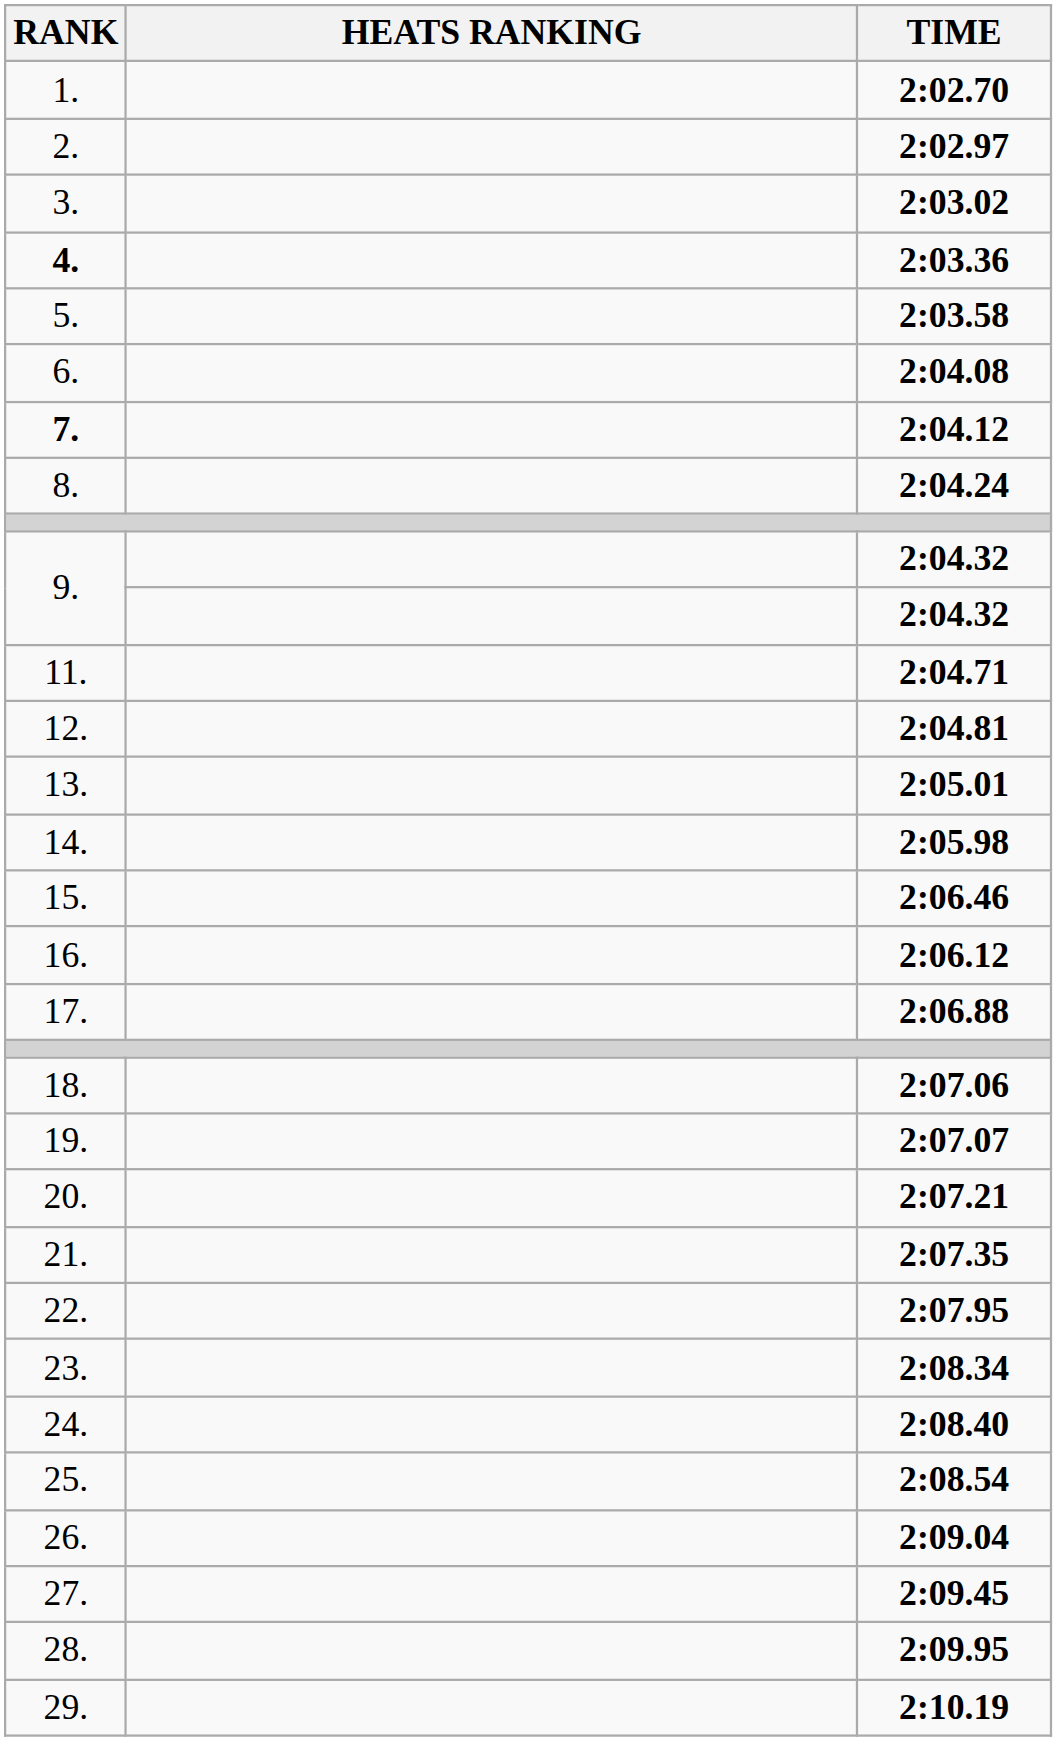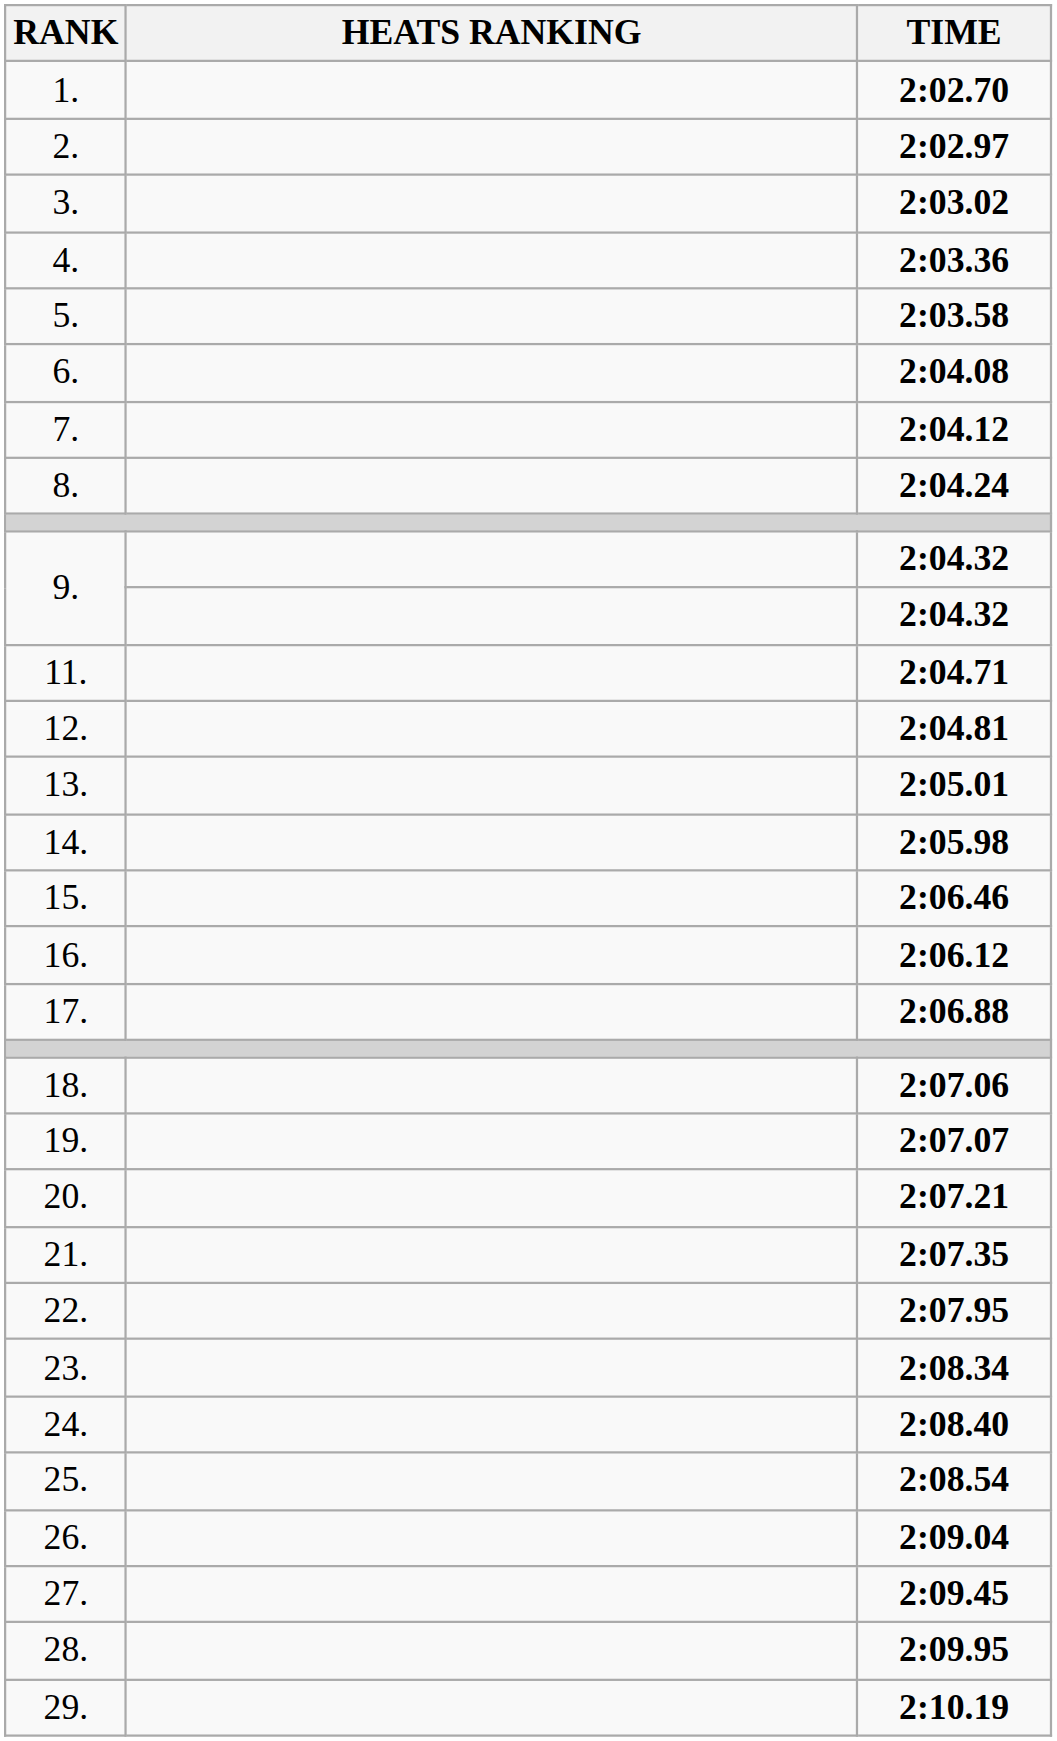 <table class="wikitable">
 <tr>
 <th>RANK</th>
 <th style="width: 20em">HEATS RANKING</th>
 <th style="width: 5em">TIME</th>
 </tr>
 <tr>
 <td align="center">1.</td>
 <td></td>
 <td align="center"><strong>2:02.70</strong></td>
 </tr>
 <tr>
 <td align="center">2.</td>
 <td></td>
 <td align="center"><strong>2:02.97</strong></td>
 </tr>
 <tr>
 <td align="center">3.</td>
 <td></td>
 <td align="center"><strong>2:03.02</strong></td>
 </tr>
 <tr>
-<td align="center"><strong>4.</strong></td>
+<td align="center">4.</td>
 <td></td>
 <td align="center"><strong>2:03.36</strong></td>
 </tr>
 <tr>
 <td align="center">5.</td>
 <td></td>
 <td align="center"><strong>2:03.58</strong></td>
 </tr>
 <tr>
 <td align="center">6.</td>
 <td></td>
 <td align="center"><strong>2:04.08</strong></td>
 </tr>
 <tr>
-<td align="center"><strong>7.</strong></td>
+<td align="center">7.</td>
 <td></td>
 <td align="center"><strong>2:04.12</strong></td>
 </tr>
 <tr>
 <td align="center">8.</td>
 <td></td>
 <td align="center"><strong>2:04.24</strong></td>
 </tr>
 <tr>
 <td colspan=3 bgcolor=lightgray></td>
 </tr>
 <tr>
 <td rowspan=2 align="center">9.</td>
 <td></td>
 <td align="center"><strong>2:04.32</strong></td>
 </tr>
 <tr>
 <td> </td>
 <td align="center"><strong>2:04.32</strong></td>
 </tr>
 <tr>
 <td align="center">11.</td>
 <td></td>
 <td align="center"><strong>2:04.71</strong></td>
 </tr>
 <tr>
 <td align="center">12.</td>
 <td></td>
 <td align="center"><strong>2:04.81</strong></td>
 </tr>
 <tr>
 <td align="center">13.</td>
 <td></td>
 <td align="center"><strong>2:05.01</strong></td>
 </tr>
 <tr>
 <td align="center">14.</td>
 <td></td>
 <td align="center"><strong>2:05.98</strong></td>
 </tr>
 <tr>
 <td align="center">15.</td>
 <td></td>
 <td align="center"><strong>2:06.46</strong></td>
 </tr>
 <tr>
 <td align="center">16.</td>
 <td></td>
 <td align="center"><strong>2:06.12</strong></td>
 </tr>
 <tr>
 <td align="center">17.</td>
 <td></td>
 <td align="center"><strong>2:06.88</strong></td>
 </tr>
 <tr>
 <td colspan=3 bgcolor=lightgray></td>
 </tr>
 <tr>
 <td align="center">18.</td>
 <td></td>
 <td align="center"><strong>2:07.06</strong></td>
 </tr>
 <tr>
 <td align="center">19.</td>
 <td></td>
 <td align="center"><strong>2:07.07</strong></td>
 </tr>
 <tr>
 <td align="center">20.</td>
 <td></td>
 <td align="center"><strong>2:07.21</strong></td>
 </tr>
 <tr>
 <td align="center">21.</td>
 <td></td>
 <td align="center"><strong>2:07.35</strong></td>
 </tr>
 <tr>
 <td align="center">22.</td>
 <td></td>
 <td align="center"><strong>2:07.95</strong></td>
 </tr>
 <tr>
 <td align="center">23.</td>
 <td></td>
 <td align="center"><strong>2:08.34</strong></td>
 </tr>
 <tr>
 <td align="center">24.</td>
 <td></td>
 <td align="center"><strong>2:08.40</strong></td>
 </tr>
 <tr>
 <td align="center">25.</td>
 <td></td>
 <td align="center"><strong>2:08.54</strong></td>
 </tr>
 <tr>
 <td align="center">26.</td>
 <td></td>
 <td align="center"><strong>2:09.04</strong></td>
 </tr>
 <tr>
 <td align="center">27.</td>
 <td></td>
 <td align="center"><strong>2:09.45</strong></td>
 </tr>
 <tr>
 <td align="center">28.</td>
 <td></td>
 <td align="center"><strong>2:09.95</strong></td>
 </tr>
 <tr>
 <td align="center">29.</td>
 <td></td>
 <td align="center"><strong>2:10.19</strong></td>
 </tr>
 </table>
